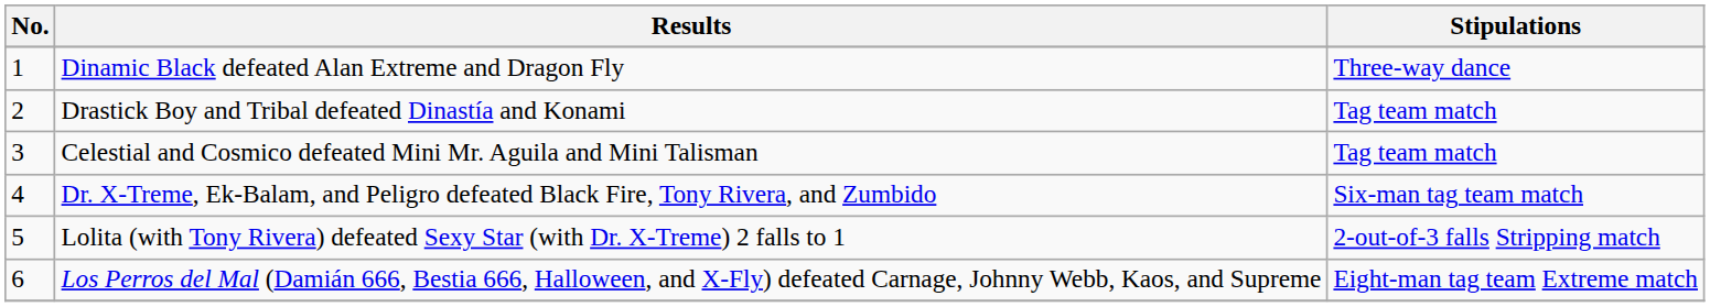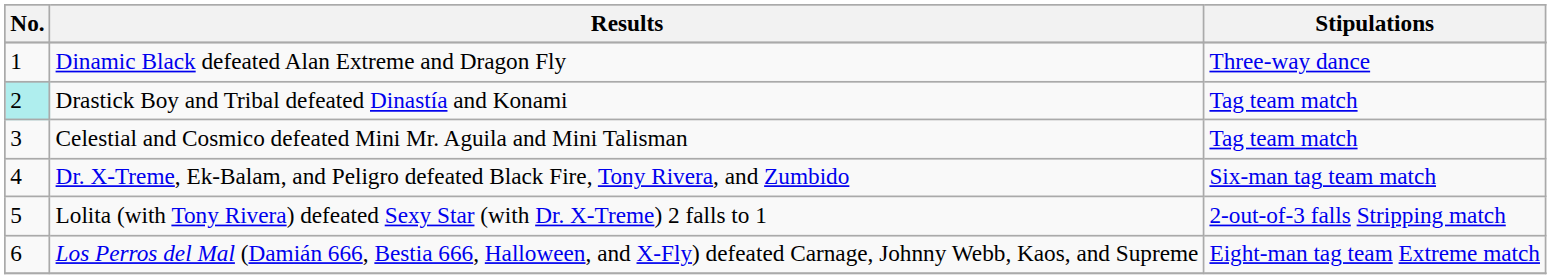 <table style="font-size: 85%" class="wikitable sortable">
 <tr>
 <th><strong>No.</strong></th>
 <th><strong>Results</strong></th>
 <th><strong>Stipulations</strong></th>
 </tr>
 <tr>
 </tr>
 <tr>
 <td>1</td>
 <td><a href='#'>Dinamic Black</a> defeated Alan Extreme and Dragon Fly</td>
 <td><a href='#'>Three-way dance</a></td>
 </tr>
 <tr>
-<td>2</td>
+<td style="background: paleturquoise;">2</td>
 <td>Drastick Boy and Tribal defeated <a href='#'>Dinastía</a> and Konami</td>
 <td><a href='#'>Tag team match</a></td>
 </tr>
 <tr>
 <td>3</td>
 <td>Celestial and Cosmico defeated Mini Mr. Aguila and Mini Talisman</td>
 <td><a href='#'>Tag team match</a></td>
 </tr>
 <tr>
 <td>4</td>
 <td><a href='#'>Dr. X-Treme</a>, Ek-Balam, and Peligro defeated Black Fire, <a href='#'>Tony Rivera</a>, and <a href='#'>Zumbido</a></td>
 <td><a href='#'>Six-man tag team match</a></td>
 </tr>
 <tr>
 <td>5</td>
 <td>Lolita (with <a href='#'>Tony Rivera</a>) defeated <a href='#'>Sexy Star</a> (with <a href='#'>Dr. X-Treme</a>) 2 falls to 1</td>
 <td><a href='#'>2-out-of-3 falls</a> <a href='#'>Stripping match</a></td>
 </tr>
 <tr>
 <td>6</td>
 <td><em><a href='#'>Los Perros del Mal</a></em> (<a href='#'>Damián 666</a>, <a href='#'>Bestia 666</a>, <a href='#'>Halloween</a>, and <a href='#'>X-Fly</a>) defeated Carnage, Johnny Webb, Kaos, and Supreme</td>
 <td><a href='#'>Eight-man tag team</a> <a href='#'>Extreme match</a></td>
 </tr>
 <tr>
 </tr>
 </table>
